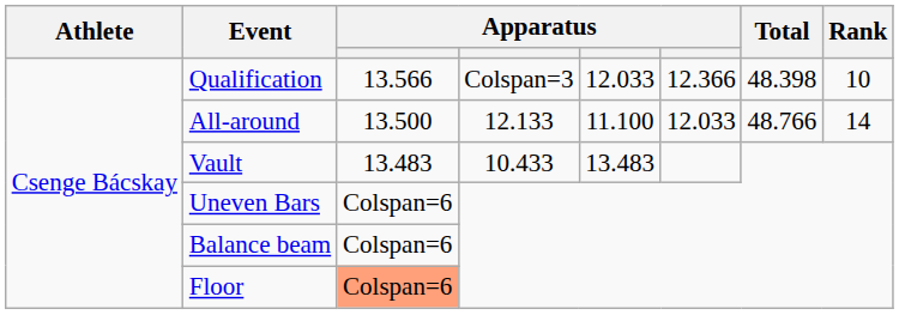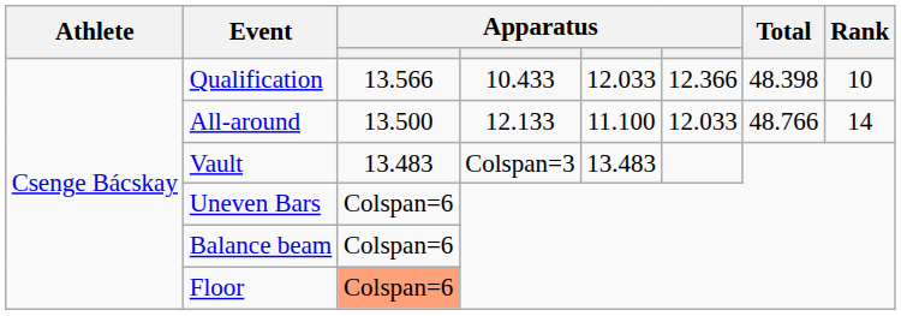 <table class="wikitable" style="text-align:center;font-size:90%">
 <tr>
 <th rowspan=2>Athlete</th>
 <th rowspan=2>Event</th>
 <th colspan=4>Apparatus</th>
 <th rowspan=2>Total</th>
 <th rowspan=2>Rank</th>
 </tr>
 <tr style="font-size:95%">
 <th></th>
 <th></th>
 <th></th>
 <th></th>
 </tr>
 <tr>
 <td rowspan=6 align=left><a href='#'>Csenge Bácskay</a></td>
 <td align=left><a href='#'>Qualification</a></td>
 <td>13.566</td>
-<td>Colspan=3 </td>
+<td>10.433</td>
 <td>12.033</td>
 <td>12.366</td>
 <td>48.398</td>
 <td>10</td>
 </tr>
 <tr>
 <td align=left><a href='#'>All-around</a></td>
 <td>13.500</td>
 <td>12.133</td>
 <td>11.100</td>
 <td>12.033</td>
 <td>48.766</td>
 <td>14</td>
 </tr>
 <tr>
 <td align=left><a href='#'>Vault</a></td>
 <td>13.483</td>
-<td>10.433</td>
+<td>Colspan=3 </td>
 <td>13.483</td>
 <td></td>
 </tr>
 <tr>
 <td align=left><a href='#'>Uneven Bars</a></td>
 <td>Colspan=6 </td>
 </tr>
 <tr>
 <td align=left><a href='#'>Balance beam</a></td>
 <td>Colspan=6 </td>
 </tr>
 <tr>
 <td align=left><a href='#'>Floor</a></td>
 <td style="background: lightsalmon;">Colspan=6 </td>
 </tr>
 </table>
